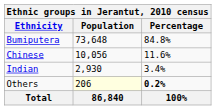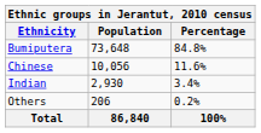 <table class="wikitable">
 <tr>
 <th style="text-align:center;" colspan="3">Ethnic groups in Jerantut, 2010 census</th>
 </tr>
 <tr>
 <th><a href='#'>Ethnicity</a></th>
 <th>Population</th>
 <th>Percentage</th>
 </tr>
 <tr>
 <td><a href='#'>Bumiputera</a></td>
 <td>73,648</td>
 <td>84.8%</td>
 </tr>
 <tr>
 <td><a href='#'>Chinese</a></td>
 <td>10,056</td>
 <td>11.6%</td>
 </tr>
 <tr>
 <td><a href='#'>Indian</a></td>
 <td>2,930</td>
 <td>3.4%</td>
 </tr>
 <tr>
 <td>Others</td>
-<td style="background: lightyellow;">206</td>
-<td><strong>0.2%</strong></td>
+<td>206</td>
+<td>0.2%</td>
 </tr>
 <tr>
 <th>Total</th>
 <th>86,840</th>
 <th>100%</th>
 </tr>
 </table>
